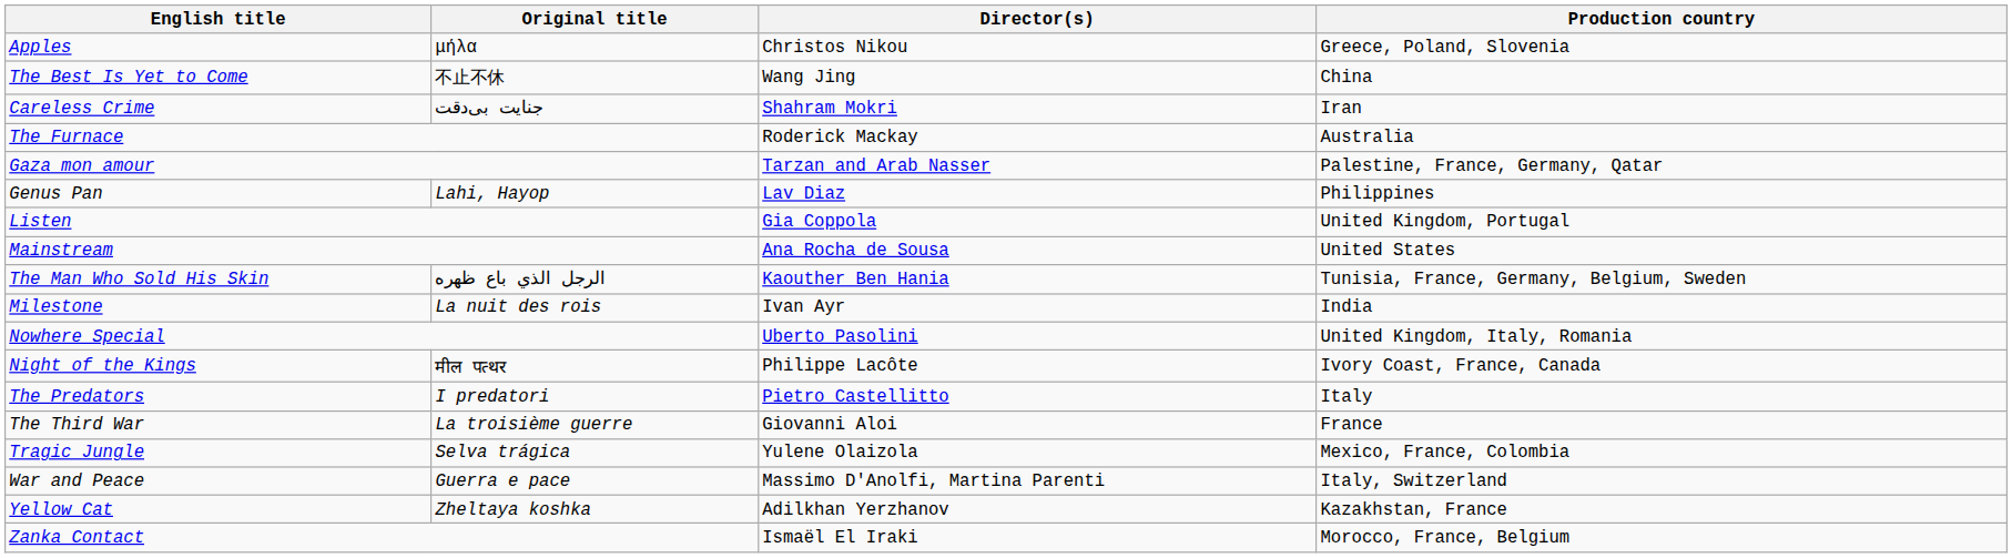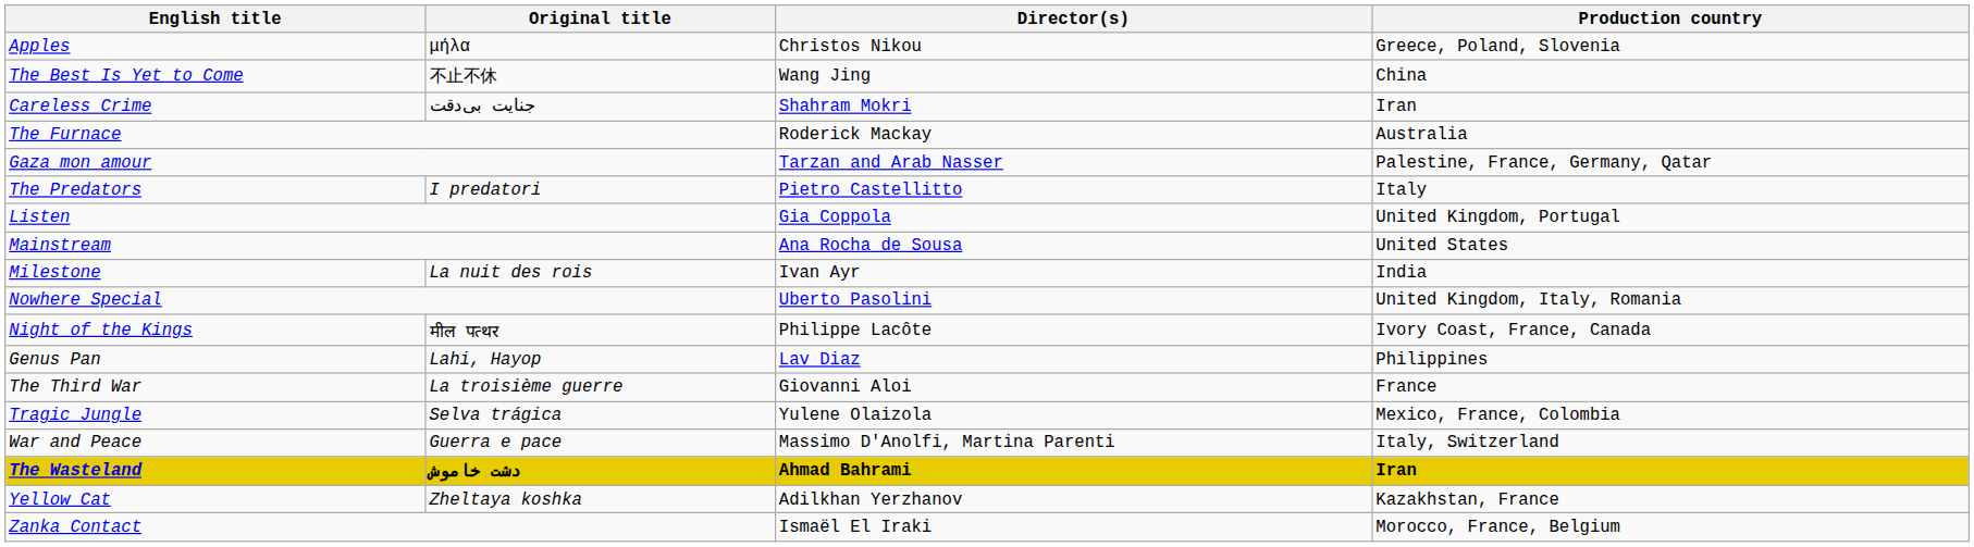 <table class="wikitable" style="width:95%; margin-bottom:0px">
 <tr>
 <th>English title</th>
 <th>Original title</th>
 <th>Director(s)</th>
 <th>Production country</th>
 </tr>
 <tr>
 <td><em><a href='#'>Apples</a></em></td>
 <td>μήλα</td>
 <td data-sort-value="Nikou">Christos Nikou</td>
 <td>Greece, Poland, Slovenia</td>
 </tr>
 <tr>
 <td><em><a href='#'>The Best Is Yet to Come</a></em></td>
 <td>不止不休</td>
 <td data-sort-value="Wang">Wang Jing</td>
 <td>China</td>
 </tr>
 <tr>
 <td><em><a href='#'>Careless Crime</a></em></td>
 <td>جنایت بی‌دقت</td>
 <td data-sort-value="Mokri"><a href='#'>Shahram Mokri</a></td>
 <td>Iran</td>
 </tr>
 <tr>
 <td colspan="2"><em><a href='#'>The Furnace</a></em></td>
 <td data-sort-value="Mackay">Roderick Mackay</td>
 <td>Australia</td>
 </tr>
 <tr>
 <td colspan="2"><em><a href='#'>Gaza mon amour</a></em></td>
 <td data-sort-value="Nasser"><a href='#'>Tarzan and Arab Nasser</a></td>
 <td>Palestine, France, Germany, Qatar</td>
 </tr>
 <tr>
-<td><em>Genus Pan</em></td>
-<td><em>Lahi, Hayop</em></td>
-<td data-sort-value="Diaz"><a href='#'>Lav Diaz</a></td>
-<td>Philippines</td>
+<td><em><a href='#'>The Predators</a></em></td>
+<td><em>I predatori</em></td>
+<td data-sort-value="Castellitto"><a href='#'>Pietro Castellitto</a></td>
+<td>Italy</td>
 </tr>
 <tr>
 <td colspan="2"><em><a href='#'>Listen</a></em></td>
 <td data-sort-value="Coppola"><a href='#'>Gia Coppola</a></td>
 <td>United Kingdom, Portugal</td>
 </tr>
 <tr>
 <td colspan="2"><em><a href='#'>Mainstream</a></em></td>
 <td data-sort-value="de Sousa"><a href='#'>Ana Rocha de Sousa</a></td>
 <td>United States</td>
-</tr>
-<tr>
-<td><em><a href='#'>The Man Who Sold His Skin</a></em></td>
-<td>الرجل الذي باع ظهره</td>
-<td data-sort-value="Ben Hania"><a href='#'>Kaouther Ben Hania</a></td>
-<td>Tunisia, France, Germany, Belgium, Sweden</td>
 </tr>
 <tr>
 <td><em><a href='#'>Milestone</a></em></td>
 <td><em>La nuit des rois</em></td>
 <td data-sort-value="Ayr">Ivan Ayr</td>
 <td>India</td>
 </tr>
 <tr>
 <td colspan="2"><em><a href='#'>Nowhere Special</a></em></td>
 <td data-sort-value="Pasolini"><a href='#'>Uberto Pasolini</a></td>
 <td>United Kingdom, Italy, Romania</td>
 </tr>
 <tr>
 <td><em><a href='#'>Night of the Kings</a></em></td>
 <td>मील पत्थर</td>
 <td data-sort-value="Lacôte">Philippe Lacôte</td>
 <td>Ivory Coast, France, Canada</td>
 </tr>
 <tr>
-<td><em><a href='#'>The Predators</a></em></td>
-<td><em>I predatori</em></td>
-<td data-sort-value="Castellitto"><a href='#'>Pietro Castellitto</a></td>
-<td>Italy</td>
+<td><em>Genus Pan</em></td>
+<td><em>Lahi, Hayop</em></td>
+<td data-sort-value="Diaz"><a href='#'>Lav Diaz</a></td>
+<td>Philippines</td>
 </tr>
 <tr>
 <td><em>The Third War</em></td>
 <td><em>La troisième guerre</em></td>
 <td data-sort-value="Aloi">Giovanni Aloi</td>
 <td>France</td>
 </tr>
 <tr>
 <td><em><a href='#'>Tragic Jungle</a></em></td>
 <td><em>Selva trágica</em></td>
 <td data-sort-value="Olaizola">Yulene Olaizola</td>
 <td>Mexico, France, Colombia</td>
 </tr>
 <tr>
 <td><em>War and Peace</em></td>
 <td><em>Guerra e pace</em></td>
 <td data-sort-value="D'Anolfi">Massimo D'Anolfi, Martina Parenti</td>
 <td>Italy, Switzerland</td>
 </tr>
+<tr style="background:#E7CD00;">
+<td><em><a href='#'><strong>The Wasteland</strong></a></em></td>
+<td><strong>دشت خاموش</strong></td>
+<td data-sort-value="Bahrami"><strong>Ahmad Bahrami</strong></td>
+<td><strong>Iran</strong></td>
+</tr>
 <tr>
 <td><em><a href='#'>Yellow Cat</a></em></td>
 <td><em>Zheltaya koshka</em></td>
 <td data-sort-value="Yerzhanov">Adilkhan Yerzhanov</td>
 <td>Kazakhstan, France</td>
 </tr>
 <tr>
 <td colspan="2"><em><a href='#'>Zanka Contact</a></em></td>
 <td data-sort-value="El Iraki">Ismaël El Iraki</td>
 <td>Morocco, France, Belgium</td>
 </tr>
 </table>
